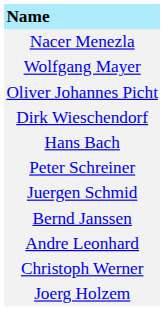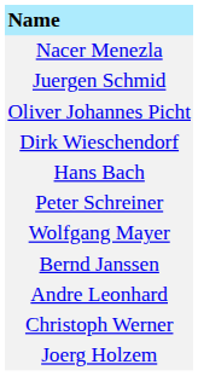 <table border=0 cellpadding=2 cellspacing=0  |- bgcolor=#F2F2F2 style="text-align:center; font-size:90%;">
 <tr bgcolor=#ADEBFD>
 <th align=left>Name</th>
 </tr>
 <tr>
 <td><a href='#'>Nacer Menezla</a></td>
 </tr>
 <tr>
-<td><a href='#'>Wolfgang Mayer</a></td>
+<td><a href='#'>Juergen Schmid</a></td>
 </tr>
 <tr>
 <td><a href='#'>Oliver Johannes Picht</a></td>
 </tr>
 <tr>
 <td><a href='#'>Dirk Wieschendorf</a></td>
 </tr>
 <tr>
 <td><a href='#'>Hans Bach</a></td>
 </tr>
 <tr>
 <td><a href='#'>Peter Schreiner</a></td>
 </tr>
 <tr>
-<td><a href='#'>Juergen Schmid</a></td>
+<td><a href='#'>Wolfgang Mayer</a></td>
 </tr>
 <tr>
 <td><a href='#'>Bernd Janssen</a></td>
 </tr>
 <tr>
 <td><a href='#'>Andre Leonhard</a></td>
 </tr>
 <tr>
 <td><a href='#'>Christoph Werner</a></td>
 </tr>
 <tr>
 <td><a href='#'>Joerg Holzem</a></td>
 </tr>
 </table>
